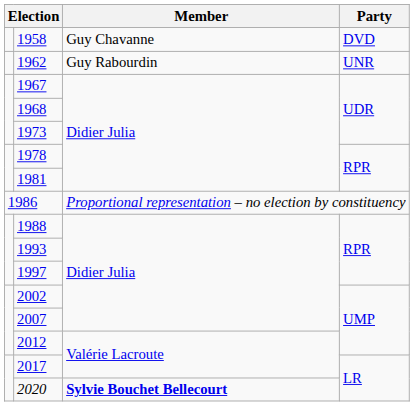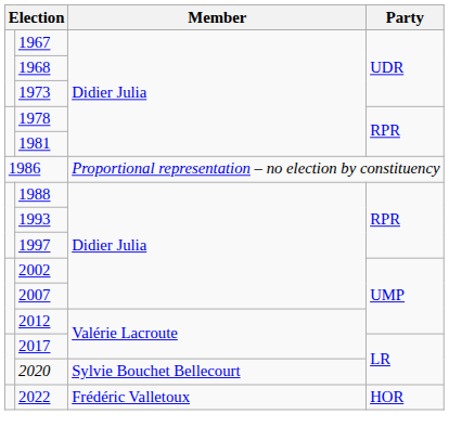 <table class="wikitable">
 <tr>
 <th colspan="2">Election</th>
 <th>Member</th>
 <th>Party</th>
-</tr>
-<tr>
-<td style="color:inherit;background-color: "></td>
-<td><a href='#'>1958</a></td>
-<td>Guy Chavanne</td>
-<td><a href='#'>DVD</a></td>
-</tr>
-<tr>
-<td style="color:inherit;background-color: "></td>
-<td><a href='#'>1962</a></td>
-<td>Guy Rabourdin</td>
-<td><a href='#'>UNR</a></td>
 </tr>
 <tr>
 <td rowspan=3 style="color:inherit;background-color: "></td>
 <td><a href='#'>1967</a></td>
 <td rowspan="5"><a href='#'>Didier Julia</a></td>
 <td rowspan="3"><a href='#'>UDR</a></td>
 </tr>
 <tr>
 <td><a href='#'>1968</a></td>
 </tr>
 <tr>
 <td><a href='#'>1973</a></td>
 </tr>
 <tr>
 <td rowspan=2 style="color:inherit;background-color: "></td>
 <td><a href='#'>1978</a></td>
 <td rowspan="2"><a href='#'>RPR</a></td>
 </tr>
 <tr>
 <td><a href='#'>1981</a></td>
 </tr>
 <tr>
 <td colspan="2"><a href='#'>1986</a></td>
 <td colspan="2"><em><a href='#'>Proportional representation</a> – no election by constituency</em></td>
 </tr>
 <tr>
 <td rowspan=3 style="color:inherit;background-color: "></td>
 <td><a href='#'>1988</a></td>
 <td rowspan=5><a href='#'>Didier Julia</a></td>
 <td rowspan=3><a href='#'>RPR</a></td>
 </tr>
 <tr>
 <td><a href='#'>1993</a></td>
 </tr>
 <tr>
 <td><a href='#'>1997</a></td>
 </tr>
 <tr>
 <td rowspan="3" style="color:inherit;background-color: "></td>
 <td><a href='#'>2002</a></td>
 <td rowspan="3"><a href='#'>UMP</a></td>
 </tr>
 <tr>
 <td><a href='#'>2007</a></td>
 </tr>
 <tr>
 <td><a href='#'>2012</a></td>
 <td rowspan=2><a href='#'>Valérie Lacroute</a></td>
 </tr>
 <tr>
 <td rowspan=2 style="color:inherit;background-color: "></td>
 <td><a href='#'>2017</a></td>
 <td rowspan=2><a href='#'>LR</a></td>
 </tr>
 <tr>
 <td><em>2020</em></td>
-<td><strong><a href='#'>Sylvie Bouchet Bellecourt</a></strong></td>
+<td><a href='#'>Sylvie Bouchet Bellecourt</a></td>
+</tr>
+<tr>
+<td style="color:inherit;background-color: "></td>
+<td><a href='#'>2022</a></td>
+<td><a href='#'>Frédéric Valletoux</a></td>
+<td><a href='#'>HOR</a></td>
 </tr>
 </table>
